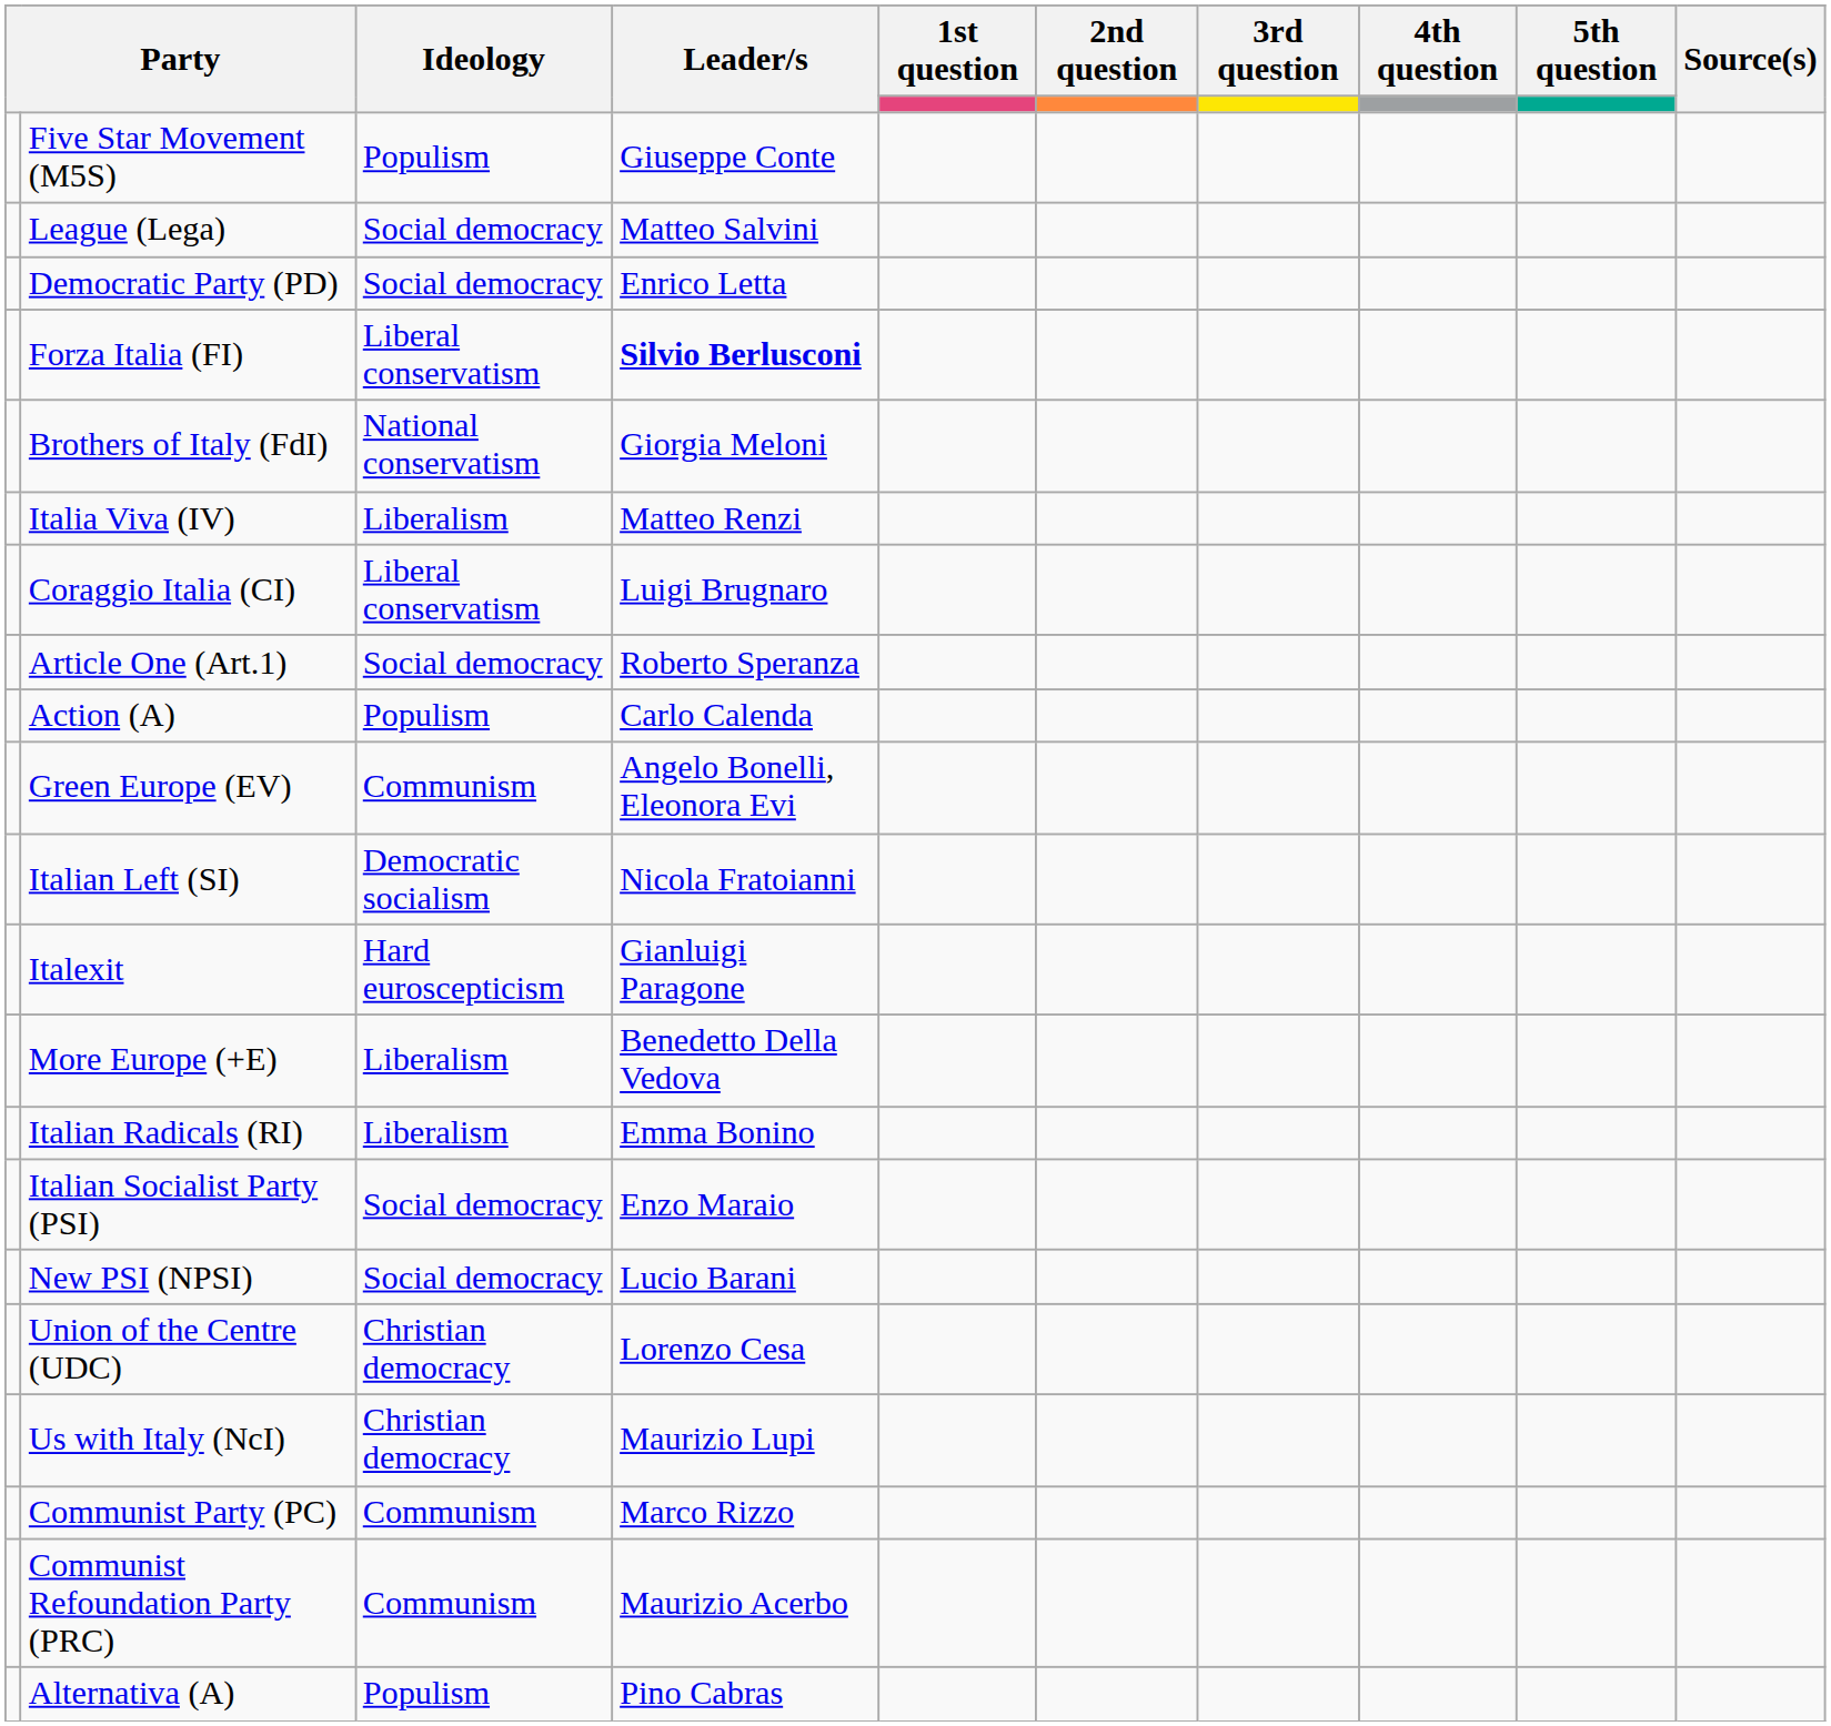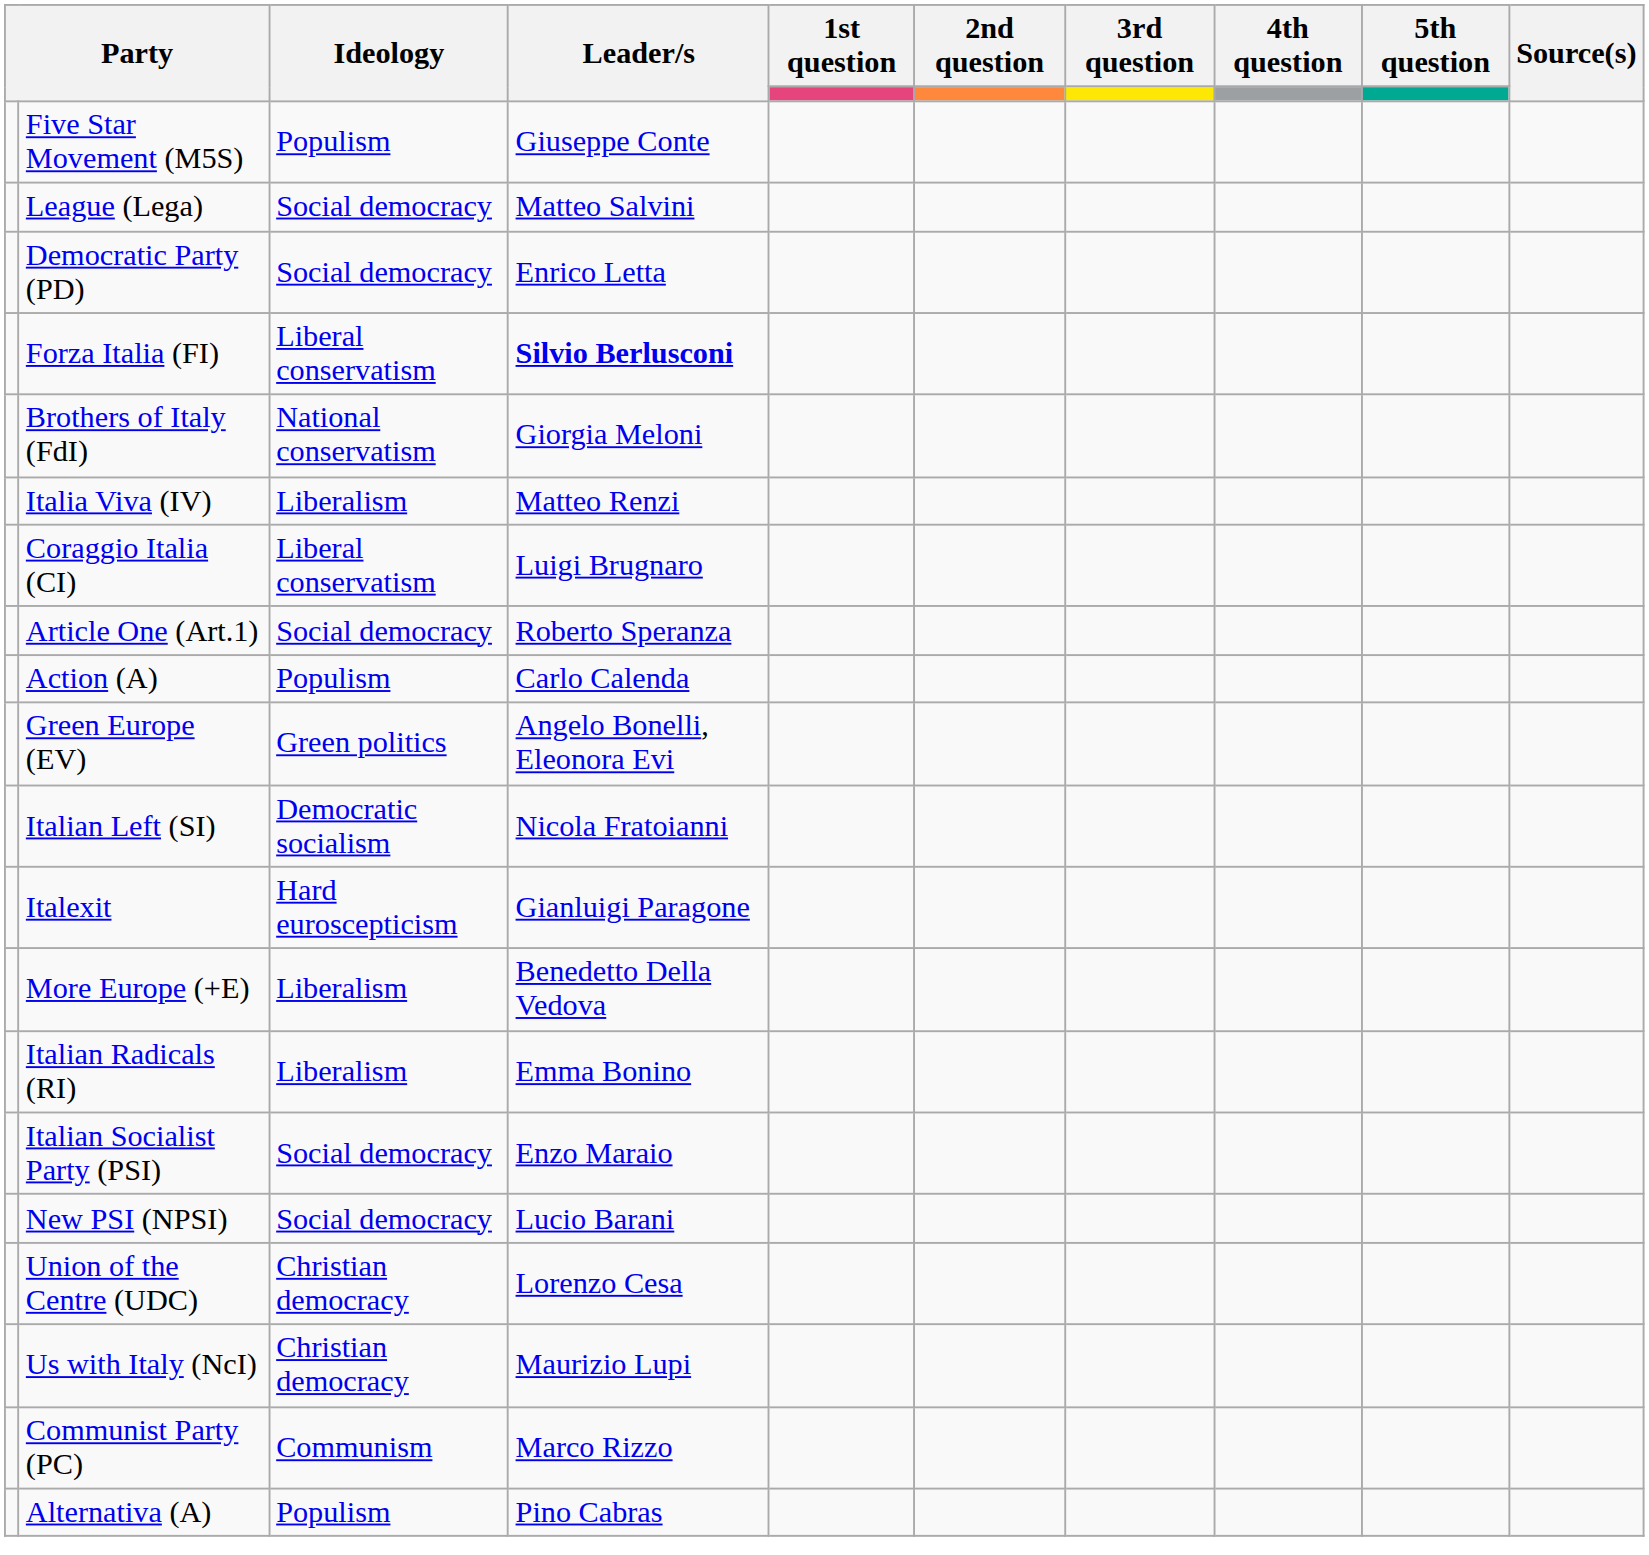 <table class="wikitable">
 <tr>
 <th colspan=2 rowspan="2">Party</th>
 <th rowspan="2">Ideology</th>
 <th rowspan="2">Leader/s</th>
 <th>1st question</th>
 <th>2nd question</th>
 <th>3rd question</th>
 <th>4th question</th>
 <th>5th question</th>
 <th rowspan="2">Source(s)</th>
 </tr>
 <tr>
 <th style="background:#E5447C;"></th>
 <th style="background:#FF883C;"></th>
 <th style="background:#FDE704;"></th>
 <th style="background:#9DA0A2;"></th>
 <th style="background:#00A991;"></th>
 </tr>
 <tr>
 <td style="background:"></td>
 <td><a href='#'>Five Star Movement</a> (M5S)</td>
 <td><a href='#'>Populism</a></td>
 <td><a href='#'>Giuseppe Conte</a></td>
 <td></td>
 <td></td>
 <td></td>
 <td></td>
 <td></td>
 <td></td>
 </tr>
 <tr>
 <td style="background:"></td>
 <td><a href='#'>League</a> (Lega)</td>
 <td><a href='#'>Social democracy</a></td>
 <td><a href='#'>Matteo Salvini</a></td>
 <td></td>
 <td></td>
 <td></td>
 <td></td>
 <td></td>
 <td></td>
 </tr>
 <tr>
 <td style="background:"></td>
 <td><a href='#'>Democratic Party</a> (PD)</td>
 <td><a href='#'>Social democracy</a></td>
 <td><a href='#'>Enrico Letta</a></td>
 <td></td>
 <td></td>
 <td></td>
 <td></td>
 <td></td>
 <td></td>
 </tr>
 <tr>
 <td style="background:"></td>
 <td><a href='#'>Forza Italia</a> (FI)</td>
 <td><a href='#'>Liberal conservatism</a></td>
 <td><strong><a href='#'>Silvio Berlusconi</a></strong></td>
 <td></td>
 <td></td>
 <td></td>
 <td></td>
 <td></td>
 <td></td>
 </tr>
 <tr>
 <td style="background:"></td>
 <td><a href='#'>Brothers of Italy</a> (FdI)</td>
 <td><a href='#'>National conservatism</a></td>
 <td><a href='#'>Giorgia Meloni</a></td>
 <td></td>
 <td></td>
 <td></td>
 <td></td>
 <td></td>
 <td></td>
 </tr>
 <tr>
 <td style="background:"></td>
 <td><a href='#'>Italia Viva</a> (IV)</td>
 <td><a href='#'>Liberalism</a></td>
 <td><a href='#'>Matteo Renzi</a></td>
 <td></td>
 <td></td>
 <td></td>
 <td></td>
 <td></td>
 <td></td>
 </tr>
 <tr>
 <td style="background:"></td>
 <td><a href='#'>Coraggio Italia</a> (CI)</td>
 <td><a href='#'>Liberal conservatism</a></td>
 <td><a href='#'>Luigi Brugnaro</a></td>
 <td></td>
 <td></td>
 <td></td>
 <td></td>
 <td></td>
 <td></td>
 </tr>
 <tr>
 <td style="background:"></td>
 <td><a href='#'>Article One</a> (Art.1)</td>
 <td><a href='#'>Social democracy</a></td>
 <td><a href='#'>Roberto Speranza</a></td>
 <td></td>
 <td></td>
 <td></td>
 <td></td>
 <td></td>
 <td></td>
 </tr>
 <tr>
 <td style="background:"></td>
 <td><a href='#'>Action</a> (A)</td>
 <td><a href='#'>Populism</a></td>
 <td><a href='#'>Carlo Calenda</a></td>
 <td></td>
 <td></td>
 <td></td>
 <td></td>
 <td></td>
 <td></td>
 </tr>
 <tr>
 <td style="background:"></td>
 <td><a href='#'>Green Europe</a> (EV)</td>
-<td><a href='#'>Communism</a></td>
+<td><a href='#'>Green politics</a></td>
 <td><a href='#'>Angelo Bonelli</a>, <a href='#'>Eleonora Evi</a></td>
 <td></td>
 <td></td>
 <td></td>
 <td></td>
 <td></td>
 <td></td>
 </tr>
 <tr>
 <td style="background:"></td>
 <td><a href='#'>Italian Left</a> (SI)</td>
 <td><a href='#'>Democratic socialism</a></td>
 <td><a href='#'>Nicola Fratoianni</a></td>
 <td></td>
 <td></td>
 <td></td>
 <td></td>
 <td></td>
 <td></td>
 </tr>
 <tr>
 <td style="background:"></td>
 <td><a href='#'>Italexit</a></td>
 <td><a href='#'>Hard euroscepticism</a></td>
 <td><a href='#'>Gianluigi Paragone</a></td>
 <td></td>
 <td></td>
 <td></td>
 <td></td>
 <td></td>
 <td></td>
 </tr>
 <tr>
 <td style="background:"></td>
 <td><a href='#'>More Europe</a> (+E)</td>
 <td><a href='#'>Liberalism</a></td>
 <td><a href='#'>Benedetto Della Vedova</a></td>
 <td></td>
 <td></td>
 <td></td>
 <td></td>
 <td></td>
 <td></td>
 </tr>
 <tr>
 <td style="background:"></td>
 <td><a href='#'>Italian Radicals</a> (RI)</td>
 <td><a href='#'>Liberalism</a></td>
 <td><a href='#'>Emma Bonino</a></td>
 <td></td>
 <td></td>
 <td></td>
 <td></td>
 <td></td>
 <td></td>
 </tr>
 <tr>
 <td style="background:"></td>
 <td><a href='#'>Italian Socialist Party</a> (PSI)</td>
 <td><a href='#'>Social democracy</a></td>
 <td><a href='#'>Enzo Maraio</a></td>
 <td></td>
 <td></td>
 <td></td>
 <td></td>
 <td></td>
 <td></td>
 </tr>
 <tr>
 <td style="background:"></td>
 <td><a href='#'>New PSI</a> (NPSI)</td>
 <td><a href='#'>Social democracy</a></td>
 <td><a href='#'>Lucio Barani</a></td>
 <td></td>
 <td></td>
 <td></td>
 <td></td>
 <td></td>
 <td></td>
 </tr>
 <tr>
 <td style="background:"></td>
 <td><a href='#'>Union of the Centre</a> (UDC)</td>
 <td><a href='#'>Christian democracy</a></td>
 <td><a href='#'>Lorenzo Cesa</a></td>
 <td></td>
 <td></td>
 <td></td>
 <td></td>
 <td></td>
 <td></td>
 </tr>
 <tr>
 <td style="background:"></td>
 <td><a href='#'>Us with Italy</a> (NcI)</td>
 <td><a href='#'>Christian democracy</a></td>
 <td><a href='#'>Maurizio Lupi</a></td>
 <td></td>
 <td></td>
 <td></td>
 <td></td>
 <td></td>
 <td></td>
 </tr>
 <tr>
 <td style="background:"></td>
 <td><a href='#'>Communist Party</a> (PC)</td>
 <td><a href='#'>Communism</a></td>
 <td><a href='#'>Marco Rizzo</a></td>
 <td></td>
 <td></td>
 <td></td>
 <td></td>
 <td></td>
 <td></td>
 </tr>
 <tr>
 <td style="background:"></td>
-<td><a href='#'>Communist Refoundation Party</a> (PRC)</td>
-<td><a href='#'>Communism</a></td>
-<td><a href='#'>Maurizio Acerbo</a></td>
-<td></td>
-<td></td>
-<td></td>
-<td></td>
-<td></td>
-<td></td>
-</tr>
-<tr>
-<td style="background:"></td>
 <td><a href='#'>Alternativa</a> (A)</td>
 <td><a href='#'>Populism</a></td>
 <td><a href='#'>Pino Cabras</a></td>
 <td></td>
 <td></td>
 <td></td>
 <td></td>
 <td></td>
 <td></td>
 </tr>
 </table>
